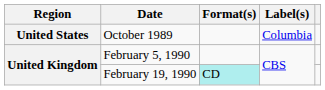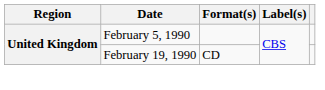 <table class="wikitable plainrowheaders">
 <tr>
 <th scope="col">Region</th>
 <th scope="col">Date</th>
 <th scope="col">Format(s)</th>
 <th scope="col">Label(s)</th>
 <th scope="col"></th>
-</tr>
-<tr>
-<th scope="row">United States</th>
-<td>October 1989</td>
-<td></td>
-<td><a href='#'>Columbia</a></td>
-<td></td>
 </tr>
 <tr>
 <th scope="row" rowspan="2">United Kingdom</th>
 <td>February 5, 1990</td>
 <td></td>
 <td rowspan="2"><a href='#'>CBS</a></td>
 <td></td>
 </tr>
 <tr>
 <td>February 19, 1990</td>
-<td style="background: paleturquoise;">CD</td>
+<td>CD</td>
 <td></td>
 </tr>
 </table>
